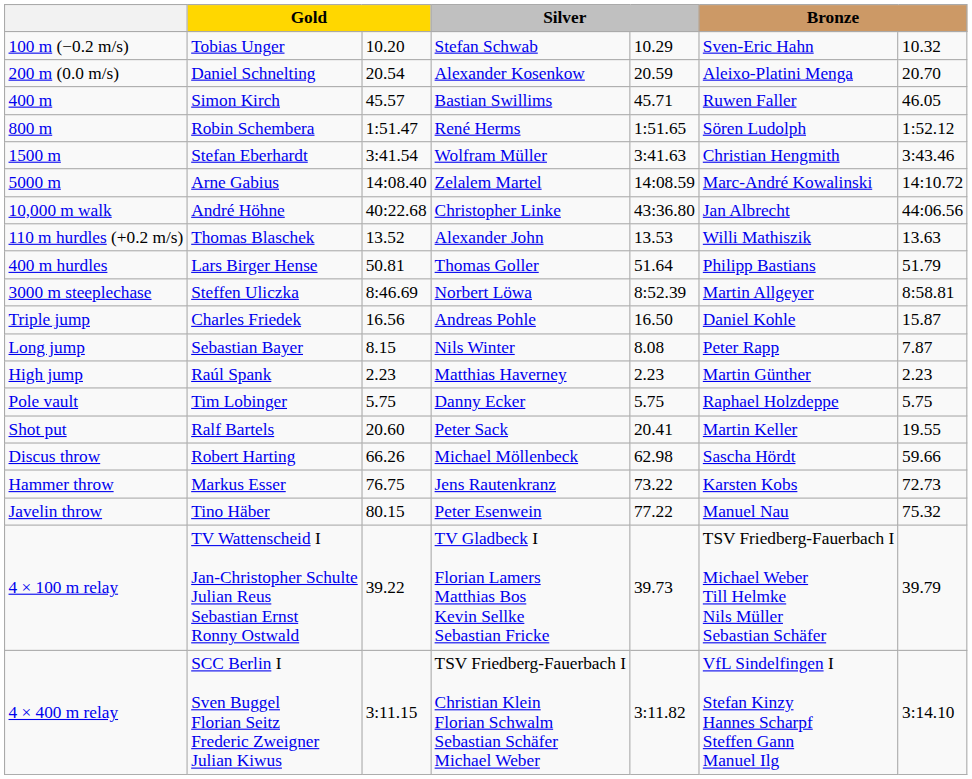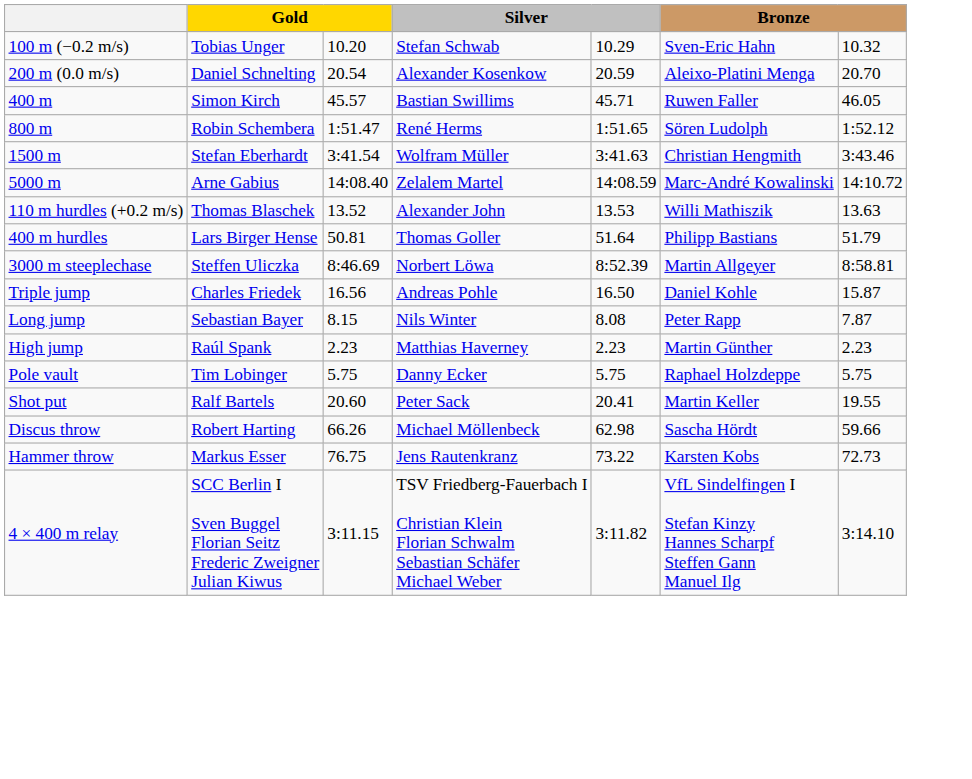 <table class="wikitable">
 <tr>
 <th></th>
 <th style="background:gold;" colspan=2>Gold</th>
 <th style="background:silver;" colspan=2>Silver</th>
 <th style="background:#CC9966;" colspan=2>Bronze</th>
 </tr>
 <tr>
 <td><a href='#'>100 m</a> (−0.2 m/s)</td>
 <td><a href='#'>Tobias Unger</a></td>
 <td>10.20</td>
 <td><a href='#'>Stefan Schwab</a></td>
 <td>10.29</td>
 <td><a href='#'>Sven-Eric Hahn</a></td>
 <td>10.32</td>
 </tr>
 <tr>
 <td><a href='#'>200 m</a> (0.0 m/s)</td>
 <td><a href='#'>Daniel Schnelting</a></td>
 <td>20.54</td>
 <td><a href='#'>Alexander Kosenkow</a></td>
 <td>20.59</td>
 <td><a href='#'>Aleixo-Platini Menga</a></td>
 <td>20.70</td>
 </tr>
 <tr>
 <td><a href='#'>400 m</a></td>
 <td><a href='#'>Simon Kirch</a></td>
 <td>45.57 </td>
 <td><a href='#'>Bastian Swillims</a></td>
 <td>45.71 </td>
 <td><a href='#'>Ruwen Faller</a></td>
 <td>46.05</td>
 </tr>
 <tr>
 <td><a href='#'>800 m</a></td>
 <td><a href='#'>Robin Schembera</a></td>
 <td>1:51.47</td>
 <td><a href='#'>René Herms</a></td>
 <td>1:51.65</td>
 <td><a href='#'>Sören Ludolph</a></td>
 <td>1:52.12</td>
 </tr>
 <tr>
 <td><a href='#'>1500 m</a></td>
 <td><a href='#'>Stefan Eberhardt</a></td>
 <td>3:41.54</td>
 <td><a href='#'>Wolfram Müller</a></td>
 <td>3:41.63</td>
 <td><a href='#'>Christian Hengmith</a></td>
 <td>3:43.46 </td>
 </tr>
 <tr>
 <td><a href='#'>5000 m</a></td>
 <td><a href='#'>Arne Gabius</a></td>
 <td>14:08.40</td>
 <td><a href='#'>Zelalem Martel</a></td>
 <td>14:08.59</td>
 <td><a href='#'>Marc-André Kowalinski</a></td>
 <td>14:10.72</td>
-</tr>
-<tr>
-<td><a href='#'>10,000 m walk</a></td>
-<td><a href='#'>André Höhne</a></td>
-<td>40:22.68</td>
-<td><a href='#'>Christopher Linke</a></td>
-<td>43:36.80</td>
-<td><a href='#'>Jan Albrecht</a></td>
-<td>44:06.56</td>
 </tr>
 <tr>
 <td><a href='#'>110 m hurdles</a> (+0.2 m/s)</td>
 <td><a href='#'>Thomas Blaschek</a></td>
 <td>13.52</td>
 <td><a href='#'>Alexander John</a></td>
 <td>13.53</td>
 <td><a href='#'>Willi Mathiszik</a></td>
 <td>13.63 </td>
 </tr>
 <tr>
 <td><a href='#'>400 m hurdles</a></td>
 <td><a href='#'>Lars Birger Hense</a></td>
 <td>50.81 </td>
 <td><a href='#'>Thomas Goller</a></td>
 <td>51.64</td>
 <td><a href='#'>Philipp Bastians</a></td>
 <td>51.79</td>
 </tr>
 <tr>
 <td><a href='#'>3000 m steeplechase</a></td>
 <td><a href='#'>Steffen Uliczka</a></td>
 <td>8:46.69</td>
 <td><a href='#'>Norbert Löwa</a></td>
 <td>8:52.39</td>
 <td><a href='#'>Martin Allgeyer</a></td>
 <td>8:58.81 </td>
 </tr>
 <tr>
 <td><a href='#'>Triple jump</a></td>
 <td><a href='#'>Charles Friedek</a></td>
 <td>16.56</td>
 <td><a href='#'>Andreas Pohle</a></td>
 <td>16.50 </td>
 <td><a href='#'>Daniel Kohle</a></td>
 <td>15.87</td>
 </tr>
 <tr>
 <td><a href='#'>Long jump</a></td>
 <td><a href='#'>Sebastian Bayer</a></td>
 <td>8.15 </td>
 <td><a href='#'>Nils Winter</a></td>
 <td>8.08</td>
 <td><a href='#'>Peter Rapp</a></td>
 <td>7.87</td>
 </tr>
 <tr>
 <td><a href='#'>High jump</a></td>
 <td><a href='#'>Raúl Spank</a></td>
 <td>2.23</td>
 <td><a href='#'>Matthias Haverney</a></td>
 <td>2.23 </td>
 <td><a href='#'>Martin Günther</a></td>
 <td>2.23</td>
 </tr>
 <tr>
 <td><a href='#'>Pole vault</a></td>
 <td><a href='#'>Tim Lobinger</a></td>
 <td>5.75</td>
 <td><a href='#'>Danny Ecker</a></td>
 <td>5.75</td>
 <td><a href='#'>Raphael Holzdeppe</a></td>
 <td>5.75</td>
 </tr>
 <tr>
 <td><a href='#'>Shot put</a></td>
 <td><a href='#'>Ralf Bartels</a></td>
 <td>20.60 </td>
 <td><a href='#'>Peter Sack</a></td>
 <td>20.41</td>
 <td><a href='#'>Martin Keller</a></td>
 <td>19.55 </td>
 </tr>
 <tr>
 <td><a href='#'>Discus throw</a></td>
 <td><a href='#'>Robert Harting</a></td>
 <td>66.26</td>
 <td><a href='#'>Michael Möllenbeck</a></td>
 <td>62.98</td>
 <td><a href='#'>Sascha Hördt</a></td>
 <td>59.66</td>
 </tr>
 <tr>
 <td><a href='#'>Hammer throw</a></td>
 <td><a href='#'>Markus Esser</a></td>
 <td>76.75</td>
 <td><a href='#'>Jens Rautenkranz</a></td>
 <td>73.22</td>
 <td><a href='#'>Karsten Kobs</a></td>
 <td>72.73</td>
 </tr>
 <tr>
-<td><a href='#'>Javelin throw</a></td>
-<td><a href='#'>Tino Häber</a></td>
-<td>80.15</td>
-<td><a href='#'>Peter Esenwein</a></td>
-<td>77.22</td>
-<td><a href='#'>Manuel Nau</a></td>
-<td>75.32</td>
-</tr>
-<tr>
-<td><a href='#'>4 × 100 m relay</a></td>
-<td><a href='#'>TV Wattenscheid</a> I <br><br><a href='#'>Jan-Christopher Schulte</a> <br> <a href='#'>Julian Reus</a> <br> <a href='#'>Sebastian Ernst</a> <br> <a href='#'>Ronny Ostwald</a></td>
-<td>39.22 </td>
-<td><a href='#'>TV Gladbeck</a> I <br><br><a href='#'>Florian Lamers</a> <br> <a href='#'>Matthias Bos</a> <br> <a href='#'>Kevin Sellke</a> <br> <a href='#'>Sebastian Fricke</a></td>
-<td>39.73 </td>
-<td>TSV Friedberg-Fauerbach I <br><br><a href='#'>Michael Weber</a> <br> <a href='#'>Till Helmke</a> <br> <a href='#'>Nils Müller</a> <br> <a href='#'>Sebastian Schäfer</a></td>
-<td>39.79</td>
-</tr>
-<tr>
 <td><a href='#'>4 × 400 m relay</a></td>
 <td><a href='#'>SCC Berlin</a> I <br><br><a href='#'>Sven Buggel</a> <br> <a href='#'>Florian Seitz</a> <br> <a href='#'>Frederic Zweigner</a> <br> <a href='#'>Julian Kiwus</a></td>
 <td>3:11.15</td>
 <td>TSV Friedberg-Fauerbach I <br><br><a href='#'>Christian Klein</a> <br> <a href='#'>Florian Schwalm</a> <br> <a href='#'>Sebastian Schäfer</a> <br> <a href='#'>Michael Weber</a></td>
 <td>3:11.82</td>
 <td><a href='#'>VfL Sindelfingen</a> I <br><br><a href='#'>Stefan Kinzy</a> <br> <a href='#'>Hannes Scharpf</a> <br> <a href='#'>Steffen Gann</a> <br> <a href='#'>Manuel Ilg</a></td>
 <td>3:14.10</td>
 </tr>
 </table>
